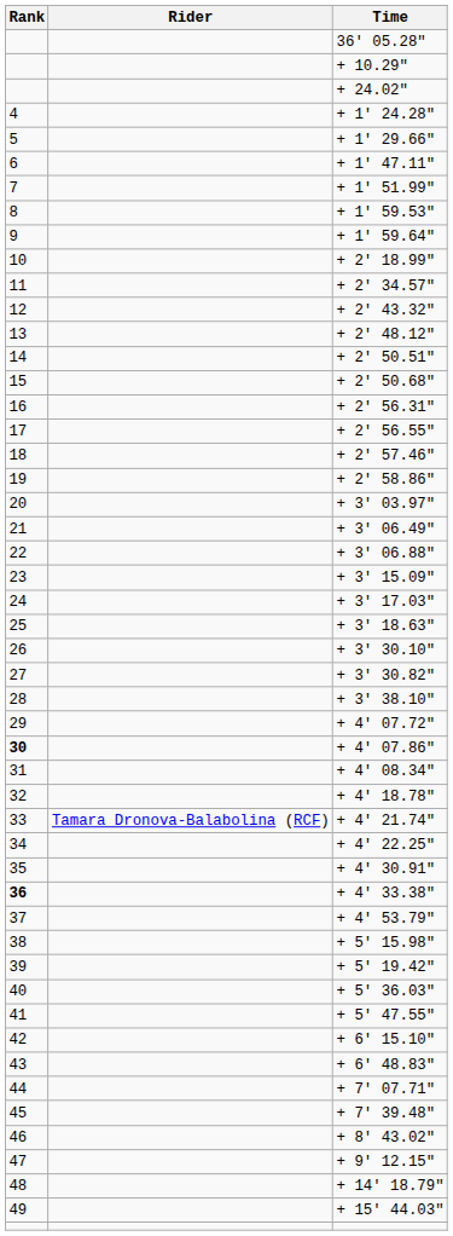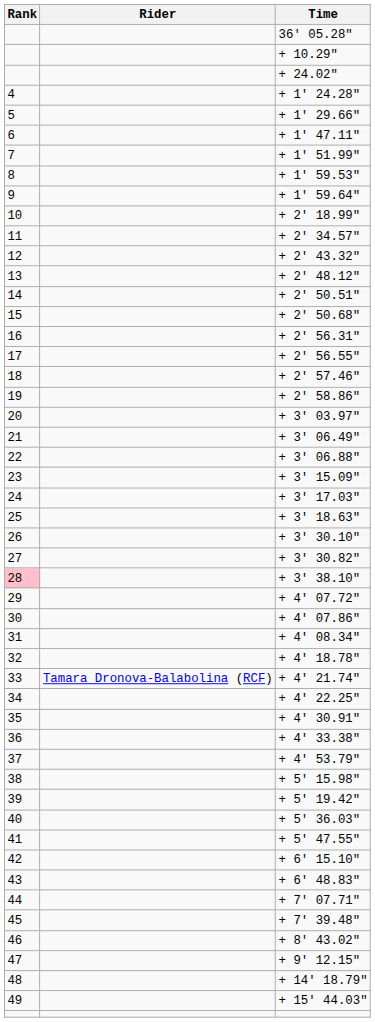 <table class="wikitable sortable">
 <tr>
 <th>Rank</th>
 <th>Rider</th>
 <th>Time</th>
 </tr>
 <tr>
 <td></td>
 <td></td>
 <td>36' 05.28"</td>
 </tr>
 <tr>
 <td></td>
 <td></td>
 <td>+ 10.29"</td>
 </tr>
 <tr>
 <td></td>
 <td></td>
 <td>+ 24.02"</td>
 </tr>
 <tr>
 <td>4</td>
 <td></td>
 <td>+ 1' 24.28"</td>
 </tr>
 <tr>
 <td>5</td>
 <td></td>
 <td>+ 1' 29.66"</td>
 </tr>
 <tr>
 <td>6</td>
 <td></td>
 <td>+ 1' 47.11"</td>
 </tr>
 <tr>
 <td>7</td>
 <td></td>
 <td>+ 1' 51.99"</td>
 </tr>
 <tr>
 <td>8</td>
 <td></td>
 <td>+ 1' 59.53"</td>
 </tr>
 <tr>
 <td>9</td>
 <td></td>
 <td>+ 1' 59.64"</td>
 </tr>
 <tr>
 <td>10</td>
 <td></td>
 <td>+ 2' 18.99"</td>
 </tr>
 <tr>
 <td>11</td>
 <td></td>
 <td>+ 2' 34.57"</td>
 </tr>
 <tr>
 <td>12</td>
 <td></td>
 <td>+ 2' 43.32"</td>
 </tr>
 <tr>
 <td>13</td>
 <td></td>
 <td>+ 2' 48.12"</td>
 </tr>
 <tr>
 <td>14</td>
 <td></td>
 <td>+ 2' 50.51"</td>
 </tr>
 <tr>
 <td>15</td>
 <td></td>
 <td>+ 2' 50.68"</td>
 </tr>
 <tr>
 <td>16</td>
 <td></td>
 <td>+ 2' 56.31"</td>
 </tr>
 <tr>
 <td>17</td>
 <td></td>
 <td>+ 2' 56.55"</td>
 </tr>
 <tr>
 <td>18</td>
 <td></td>
 <td>+ 2' 57.46"</td>
 </tr>
 <tr>
 <td>19</td>
 <td></td>
 <td>+ 2' 58.86"</td>
 </tr>
 <tr>
 <td>20</td>
 <td></td>
 <td>+ 3' 03.97"</td>
 </tr>
 <tr>
 <td>21</td>
 <td></td>
 <td>+ 3' 06.49"</td>
 </tr>
 <tr>
 <td>22</td>
 <td></td>
 <td>+ 3' 06.88"</td>
 </tr>
 <tr>
 <td>23</td>
 <td></td>
 <td>+ 3' 15.09"</td>
 </tr>
 <tr>
 <td>24</td>
 <td></td>
 <td>+ 3' 17.03"</td>
 </tr>
 <tr>
 <td>25</td>
 <td></td>
 <td>+ 3' 18.63"</td>
 </tr>
 <tr>
 <td>26</td>
 <td></td>
 <td>+ 3' 30.10"</td>
 </tr>
 <tr>
 <td>27</td>
 <td></td>
 <td>+ 3' 30.82"</td>
 </tr>
 <tr>
-<td>28</td>
+<td style="background: pink;">28</td>
 <td></td>
 <td>+ 3' 38.10"</td>
 </tr>
 <tr>
 <td>29</td>
 <td></td>
 <td>+ 4' 07.72"</td>
 </tr>
 <tr>
-<td><strong>30</strong></td>
+<td>30</td>
 <td></td>
 <td>+ 4' 07.86"</td>
 </tr>
 <tr>
 <td>31</td>
 <td></td>
 <td>+ 4' 08.34"</td>
 </tr>
 <tr>
 <td>32</td>
 <td></td>
 <td>+ 4' 18.78"</td>
 </tr>
 <tr>
 <td>33</td>
 <td><a href='#'>Tamara Dronova-Balabolina</a> (<a href='#'>RCF</a>)</td>
 <td>+ 4' 21.74"</td>
 </tr>
 <tr>
 <td>34</td>
 <td></td>
 <td>+ 4' 22.25"</td>
 </tr>
 <tr>
 <td>35</td>
 <td></td>
 <td>+ 4' 30.91"</td>
 </tr>
 <tr>
-<td><strong>36</strong></td>
+<td>36</td>
 <td></td>
 <td>+ 4' 33.38"</td>
 </tr>
 <tr>
 <td>37</td>
 <td></td>
 <td>+ 4' 53.79"</td>
 </tr>
 <tr>
 <td>38</td>
 <td></td>
 <td>+ 5' 15.98"</td>
 </tr>
 <tr>
 <td>39</td>
 <td></td>
 <td>+ 5' 19.42"</td>
 </tr>
 <tr>
 <td>40</td>
 <td></td>
 <td>+ 5' 36.03"</td>
 </tr>
 <tr>
 <td>41</td>
 <td></td>
 <td>+ 5' 47.55"</td>
 </tr>
 <tr>
 <td>42</td>
 <td></td>
 <td>+ 6' 15.10"</td>
 </tr>
 <tr>
 <td>43</td>
 <td></td>
 <td>+ 6' 48.83"</td>
 </tr>
 <tr>
 <td>44</td>
 <td></td>
 <td>+ 7' 07.71"</td>
 </tr>
 <tr>
 <td>45</td>
 <td></td>
 <td>+ 7' 39.48"</td>
 </tr>
 <tr>
 <td>46</td>
 <td></td>
 <td>+ 8' 43.02"</td>
 </tr>
 <tr>
 <td>47</td>
 <td></td>
 <td>+ 9' 12.15"</td>
 </tr>
 <tr>
 <td>48</td>
 <td></td>
 <td>+ 14' 18.79"</td>
 </tr>
 <tr>
 <td>49</td>
 <td></td>
 <td>+ 15' 44.03"</td>
 </tr>
 <tr>
 <td></td>
 <td></td>
 <td></td>
 </tr>
 </table>
